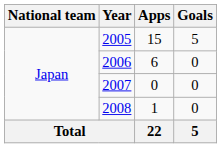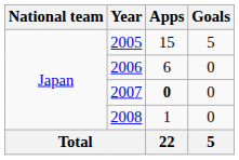 <table class="wikitable" style="text-align:center">
 <tr>
 <th>National team</th>
 <th>Year</th>
 <th>Apps</th>
 <th>Goals</th>
 </tr>
 <tr>
 <td rowspan="4"><a href='#'>Japan</a></td>
 <td><a href='#'>2005</a></td>
 <td>15</td>
 <td>5</td>
 </tr>
 <tr>
 <td><a href='#'>2006</a></td>
 <td>6</td>
 <td>0</td>
 </tr>
 <tr>
 <td><a href='#'>2007</a></td>
-<td>0</td>
+<td><strong>0</strong></td>
 <td>0</td>
 </tr>
 <tr>
 <td><a href='#'>2008</a></td>
 <td>1</td>
 <td>0</td>
 </tr>
 <tr>
 <th colspan="2">Total</th>
 <th>22</th>
 <th>5</th>
 </tr>
 </table>
